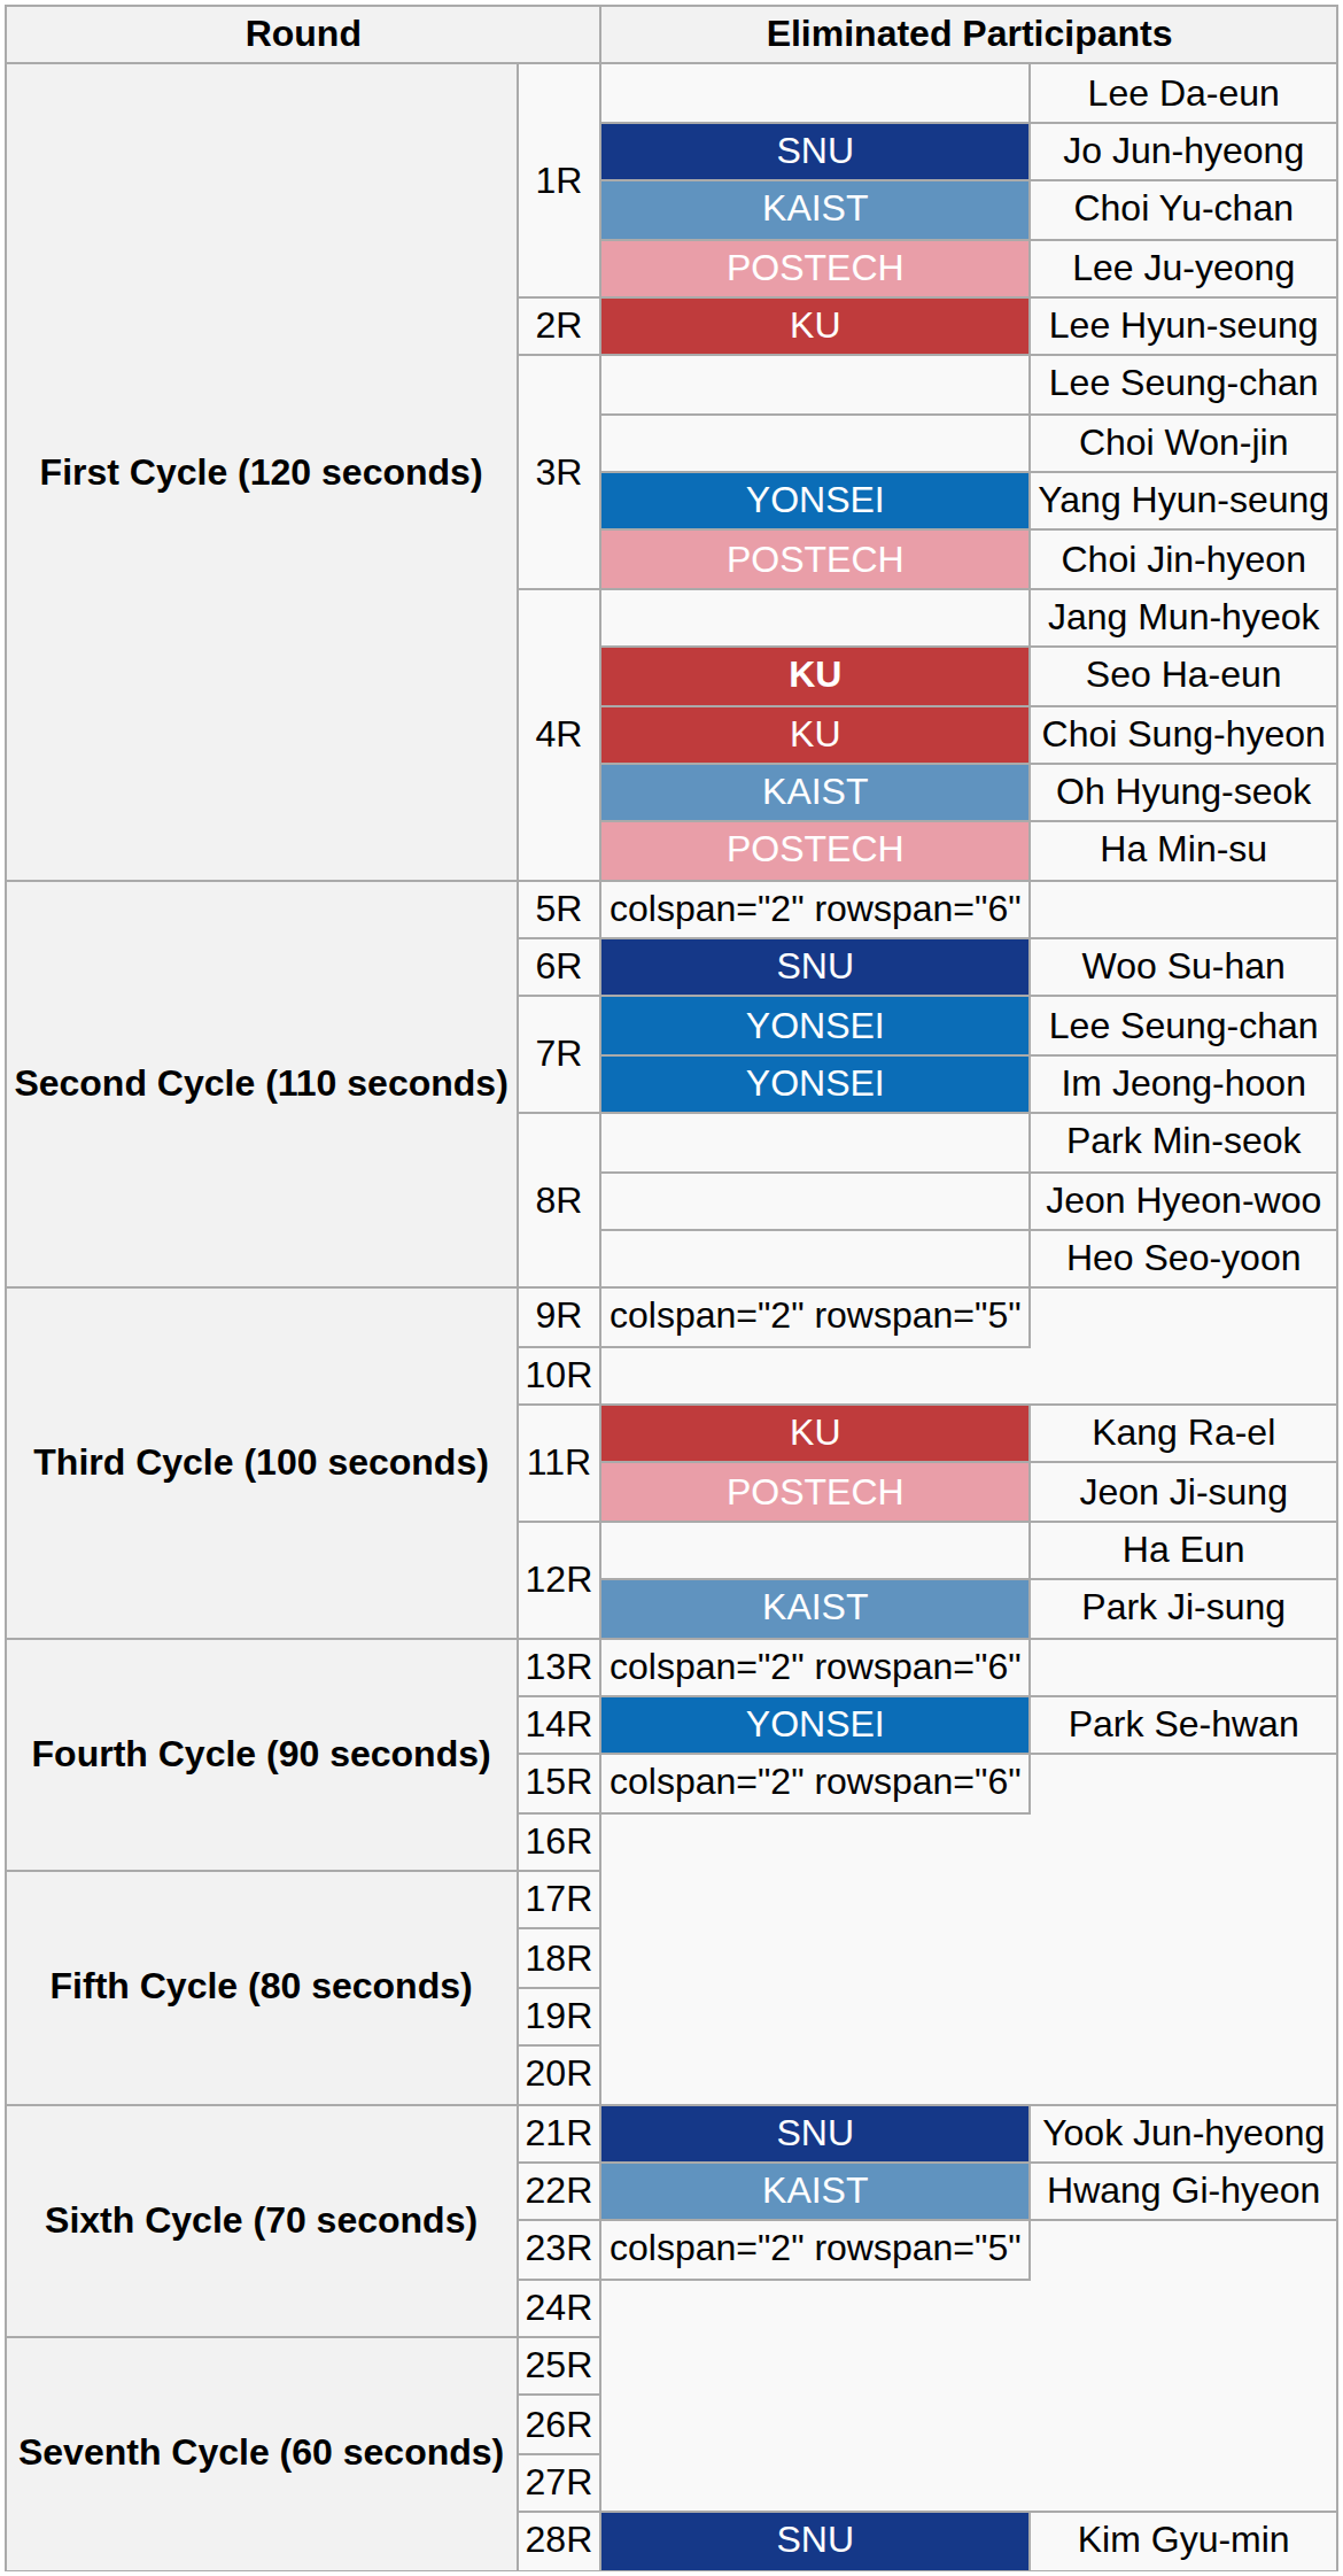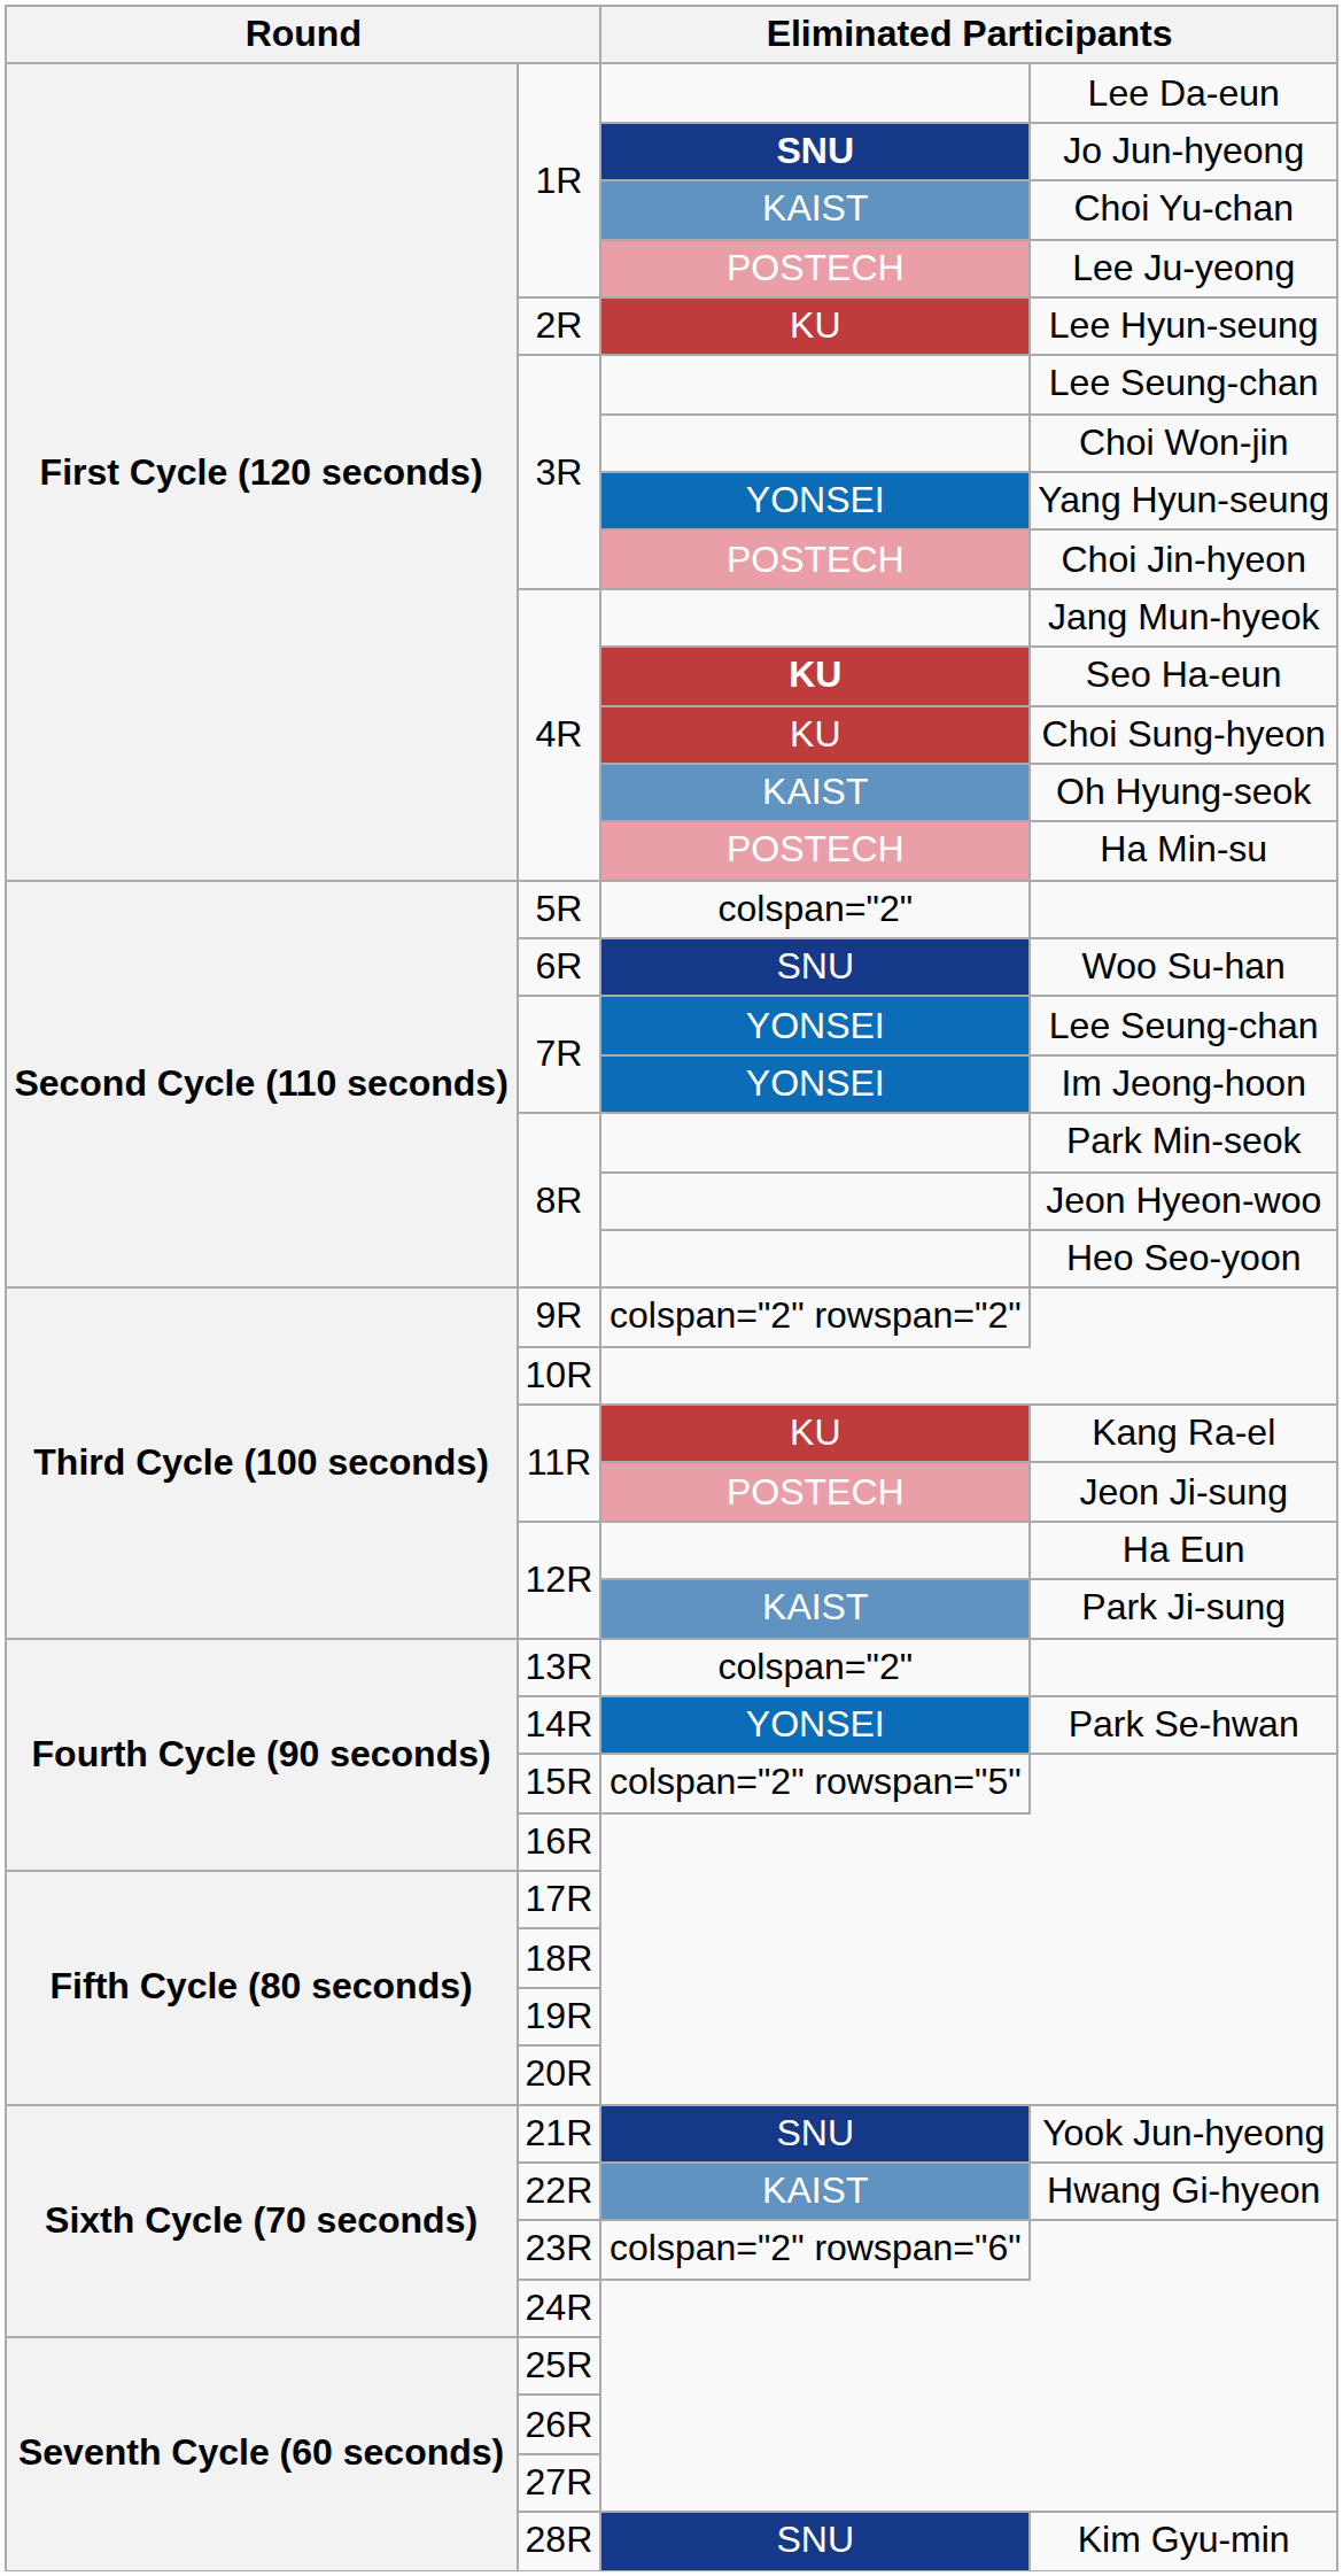 <table class="wikitable plainrowheaders" style="text-align:center">
 <tr>
 <th scope="col" colspan="2">Round</th>
 <th scope="col" colspan="2">Eliminated Participants</th>
 </tr>
 <tr>
 <th scope="row" rowspan="14">First Cycle (120 seconds)</th>
 <td rowspan="4">1R</td>
 <td> </td>
 <td>Lee Da-eun</td>
 </tr>
 <tr>
-<td style="background-color:#153888; color:white; text-align:center">SNU</td>
+<td style="background-color:#153888; color:white; text-align:center"><strong>SNU</strong></td>
 <td>Jo Jun-hyeong</td>
 </tr>
 <tr>
 <td style="background-color:#6093BF; color:white; text-align:center">KAIST</td>
 <td>Choi Yu-chan</td>
 </tr>
 <tr>
 <td style="background-color:#E99EA8; color:white; text-align:center">POSTECH</td>
 <td>Lee Ju-yeong</td>
 </tr>
 <tr>
 <td>2R</td>
 <td style="background-color:#BF3B3C; color:white; text-align:center">KU</td>
 <td>Lee Hyun-seung</td>
 </tr>
 <tr>
 <td rowspan="4">3R</td>
 <td> </td>
 <td>Lee Seung-chan</td>
 </tr>
 <tr>
 <td> </td>
 <td>Choi Won-jin</td>
 </tr>
 <tr>
 <td style="background-color:#0B6DB7; color:white; text-align:center">YONSEI</td>
 <td>Yang Hyun-seung</td>
 </tr>
 <tr>
 <td style="background-color:#E99EA8; color:white; text-align:center">POSTECH</td>
 <td>Choi Jin-hyeon</td>
 </tr>
 <tr>
 <td rowspan="5">4R</td>
 <td> </td>
 <td>Jang Mun-hyeok</td>
 </tr>
 <tr>
 <td style="background-color:#BF3B3C; color:white; text-align:center"><strong>KU</strong></td>
 <td>Seo Ha-eun</td>
 </tr>
 <tr>
 <td style="background-color:#BF3B3C; color:white; text-align:center">KU</td>
 <td>Choi Sung-hyeon</td>
 </tr>
 <tr>
 <td style="background-color:#6093BF; color:white; text-align:center">KAIST</td>
 <td>Oh Hyung-seok</td>
 </tr>
 <tr>
 <td style="background-color:#E99EA8; color:white; text-align:center">POSTECH</td>
 <td>Ha Min-su</td>
 </tr>
 <tr>
 <th scope="row" rowspan="7">Second Cycle (110 seconds)</th>
 <td>5R</td>
-<td>colspan="2" rowspan="6" </td>
+<td>colspan="2" </td>
 </tr>
 <tr>
 <td>6R</td>
 <td style="background-color:#153888; color:white; text-align:center">SNU</td>
 <td>Woo Su-han</td>
 </tr>
 <tr>
 <td rowspan="2">7R</td>
 <td style="background-color:#0B6DB7; color:white; text-align:center">YONSEI</td>
 <td>Lee Seung-chan</td>
 </tr>
 <tr>
 <td style="background-color:#0B6DB7; color:white; text-align:center">YONSEI</td>
 <td>Im Jeong-hoon</td>
 </tr>
 <tr>
 <td rowspan="3">8R</td>
 <td> </td>
 <td>Park Min-seok</td>
 </tr>
 <tr>
 <td> </td>
 <td>Jeon Hyeon-woo</td>
 </tr>
 <tr>
 <td> </td>
 <td>Heo Seo-yoon</td>
 </tr>
 <tr>
 <th scope="row" rowspan="6">Third Cycle (100 seconds)</th>
 <td>9R</td>
-<td>colspan="2" rowspan="5" </td>
+<td>colspan="2" rowspan="2" </td>
 </tr>
 <tr>
 <td>10R</td>
 </tr>
 <tr>
 <td rowspan="2">11R</td>
 <td style="background-color:#BF3B3C; color:white; text-align:center">KU</td>
 <td>Kang Ra-el</td>
 </tr>
 <tr>
 <td style="background-color:#E99EA8; color:white; text-align:center">POSTECH</td>
 <td>Jeon Ji-sung</td>
 </tr>
 <tr>
 <td rowspan="2">12R</td>
 <td> </td>
 <td>Ha Eun</td>
 </tr>
 <tr>
 <td style="background-color:#6093BF; color:white; text-align:center">KAIST</td>
 <td>Park Ji-sung</td>
 </tr>
 <tr>
 <th scope="row" rowspan="4">Fourth Cycle (90 seconds)</th>
 <td>13R</td>
-<td>colspan="2" rowspan="6" </td>
+<td>colspan="2" </td>
 </tr>
 <tr>
 <td>14R</td>
 <td style="background-color:#0B6DB7; color:white; text-align:center">YONSEI</td>
 <td>Park Se-hwan</td>
 </tr>
 <tr>
 <td>15R</td>
-<td>colspan="2" rowspan="6" </td>
+<td>colspan="2" rowspan="5" </td>
 </tr>
 <tr>
 <td>16R</td>
 </tr>
 <tr>
 <th scope="row" rowspan="4">Fifth Cycle (80 seconds)</th>
 <td>17R</td>
 </tr>
 <tr>
 <td>18R</td>
 </tr>
 <tr>
 <td>19R</td>
 </tr>
 <tr>
 <td>20R</td>
 </tr>
 <tr>
 <th scope="row" rowspan="4">Sixth Cycle (70 seconds)</th>
 <td>21R</td>
 <td style="background-color:#153888; color:white; text-align:center">SNU</td>
 <td>Yook Jun-hyeong</td>
 </tr>
 <tr>
 <td>22R</td>
 <td style="background-color:#6093BF; color:white; text-align:center">KAIST</td>
 <td>Hwang Gi-hyeon</td>
 </tr>
 <tr>
 <td>23R</td>
-<td>colspan="2" rowspan="5" </td>
+<td>colspan="2" rowspan="6" </td>
 </tr>
 <tr>
 <td>24R</td>
 </tr>
 <tr>
 <th scope="row" rowspan="4">Seventh Cycle (60 seconds)</th>
 <td>25R</td>
 </tr>
 <tr>
 <td>26R</td>
 </tr>
 <tr>
 <td>27R</td>
 </tr>
 <tr>
 <td>28R</td>
 <td style="background-color:#153888; color:white; text-align:center">SNU</td>
 <td>Kim Gyu-min</td>
 </tr>
 </table>
